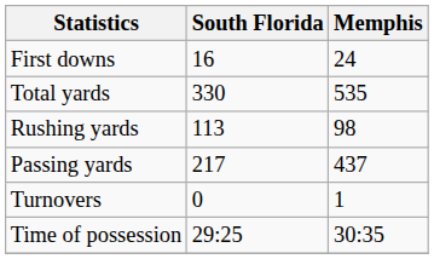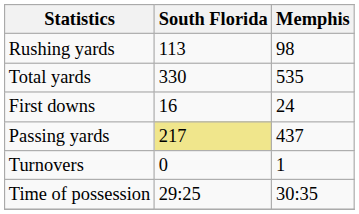 <table class="wikitable">
 <tr>
 <th>Statistics</th>
 <th>South Florida</th>
 <th>Memphis</th>
 </tr>
 <tr>
-<td>First downs</td>
-<td>16</td>
-<td>24</td>
+<td>Rushing yards</td>
+<td>113</td>
+<td>98</td>
 </tr>
 <tr>
 <td>Total yards</td>
 <td>330</td>
 <td>535</td>
 </tr>
 <tr>
-<td>Rushing yards</td>
-<td>113</td>
-<td>98</td>
+<td>First downs</td>
+<td>16</td>
+<td>24</td>
 </tr>
 <tr>
 <td>Passing yards</td>
-<td>217</td>
+<td style="background: khaki;">217</td>
 <td>437</td>
 </tr>
 <tr>
 <td>Turnovers</td>
 <td>0</td>
 <td>1</td>
 </tr>
 <tr>
 <td>Time of possession</td>
 <td>29:25</td>
 <td>30:35</td>
 </tr>
 <tr>
 </tr>
 </table>
